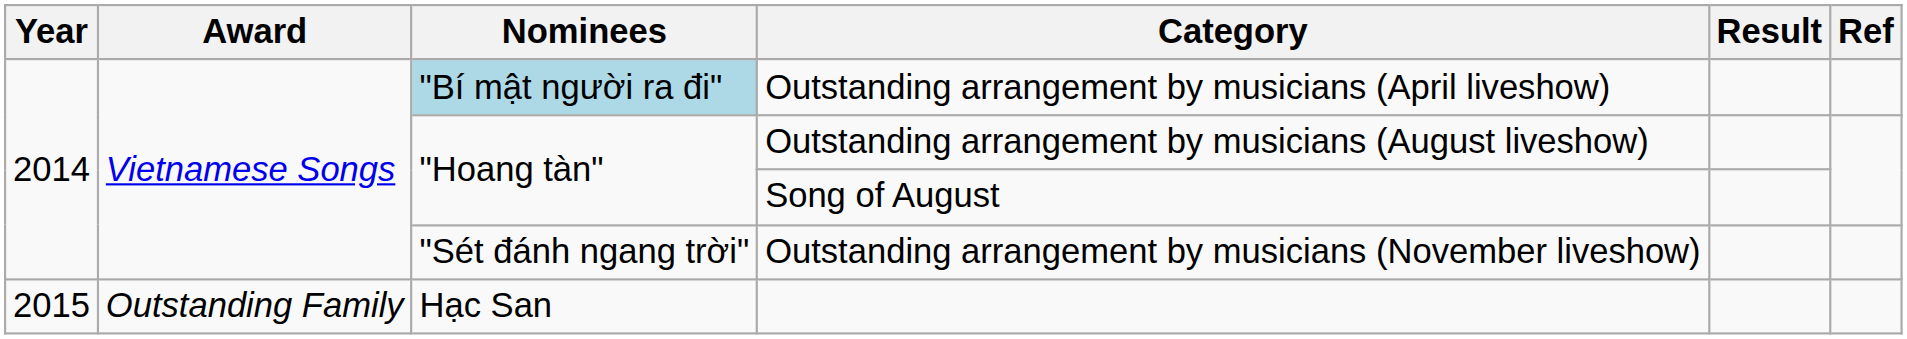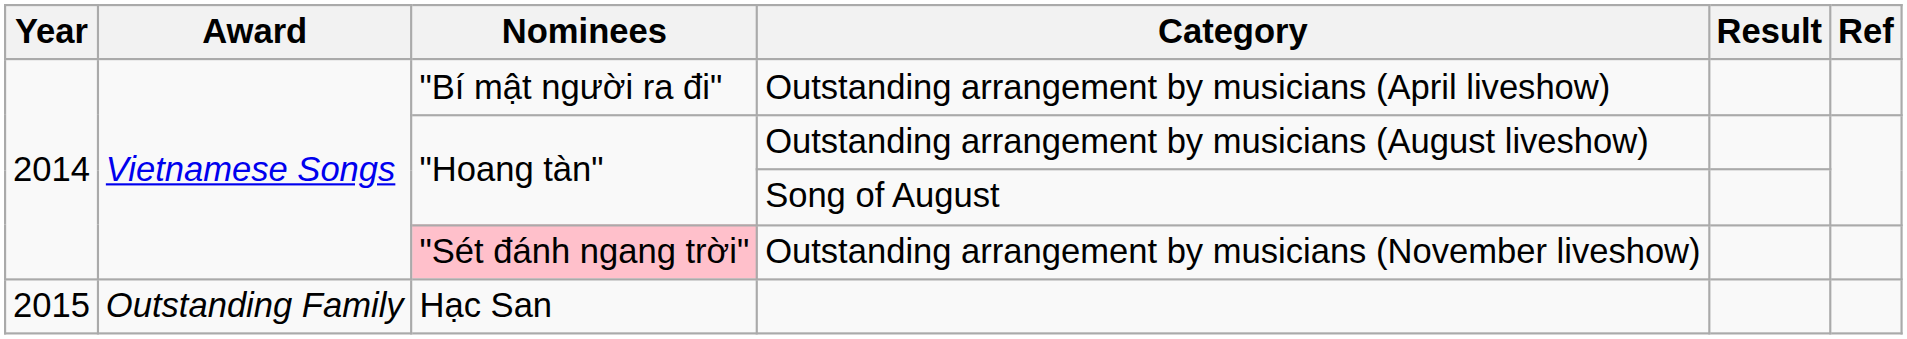 <table class="wikitable">
 <tr>
 <th>Year</th>
 <th>Award</th>
 <th>Nominees</th>
 <th>Category</th>
 <th>Result</th>
 <th>Ref</th>
 </tr>
 <tr>
 <td rowspan="4">2014</td>
 <td rowspan="4"><em><a href='#'>Vietnamese Songs</a></em></td>
-<td style="background: lightblue;">"Bí mật người ra đi"</td>
+<td>"Bí mật người ra đi"</td>
 <td>Outstanding arrangement by musicians (April liveshow)</td>
 <td></td>
 <td></td>
 </tr>
 <tr>
 <td rowspan="2">"Hoang tàn"</td>
 <td>Outstanding arrangement by musicians (August liveshow)</td>
 <td></td>
 <td rowspan="2"></td>
 </tr>
 <tr>
 <td>Song of August</td>
 <td></td>
 </tr>
 <tr>
-<td>"Sét đánh ngang trời"</td>
+<td style="background: pink;">"Sét đánh ngang trời"</td>
 <td>Outstanding arrangement by musicians (November liveshow)</td>
 <td></td>
 <td></td>
 </tr>
 <tr>
 <td>2015</td>
 <td><em>Outstanding Family</em></td>
 <td>Hạc San</td>
 <td></td>
 <td></td>
 <td></td>
 </tr>
 </table>
